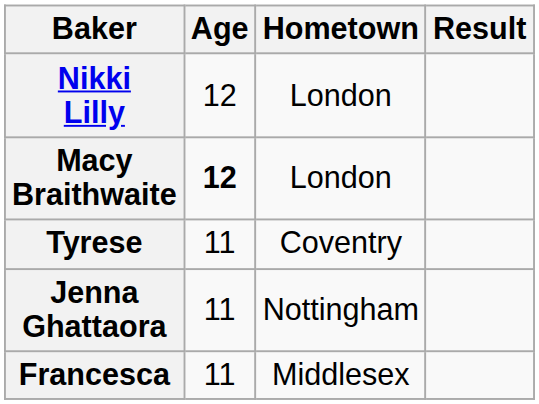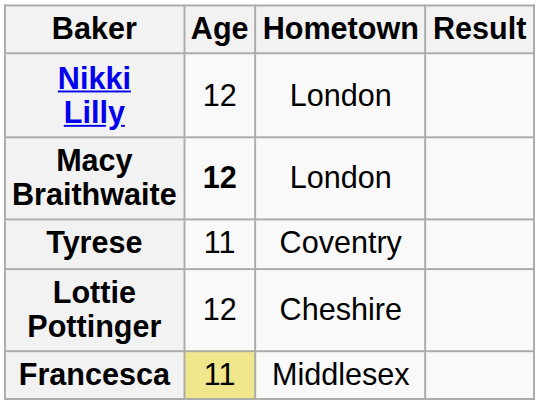 <table class="wikitable sortable" style="display:inline-table; text-align:center">
 <tr>
 <th scope="col">Baker</th>
 <th scope="col">Age</th>
 <th scope="col">Hometown</th>
 <th scope="col">Result</th>
 </tr>
 <tr>
 <th scope="row"><a href='#'>Nikki<br>Lilly</a></th>
 <td>12</td>
 <td>London</td>
 <td></td>
 </tr>
 <tr>
 <th scope="row">Macy<br>Braithwaite</th>
 <td><strong>12</strong></td>
 <td>London</td>
 <td></td>
 </tr>
 <tr>
 <th scope="row">Tyrese</th>
 <td>11</td>
 <td>Coventry</td>
 <td></td>
 </tr>
 <tr>
-<th scope="row">Jenna<br>Ghattaora</th>
-<td>11</td>
-<td>Nottingham</td>
+<th scope="row">Lottie<br>Pottinger</th>
+<td>12</td>
+<td>Cheshire</td>
 <td></td>
 </tr>
 <tr>
 <th scope="row">Francesca</th>
-<td>11</td>
+<td style="background: khaki;">11</td>
 <td>Middlesex</td>
 <td></td>
 </tr>
 </table>
